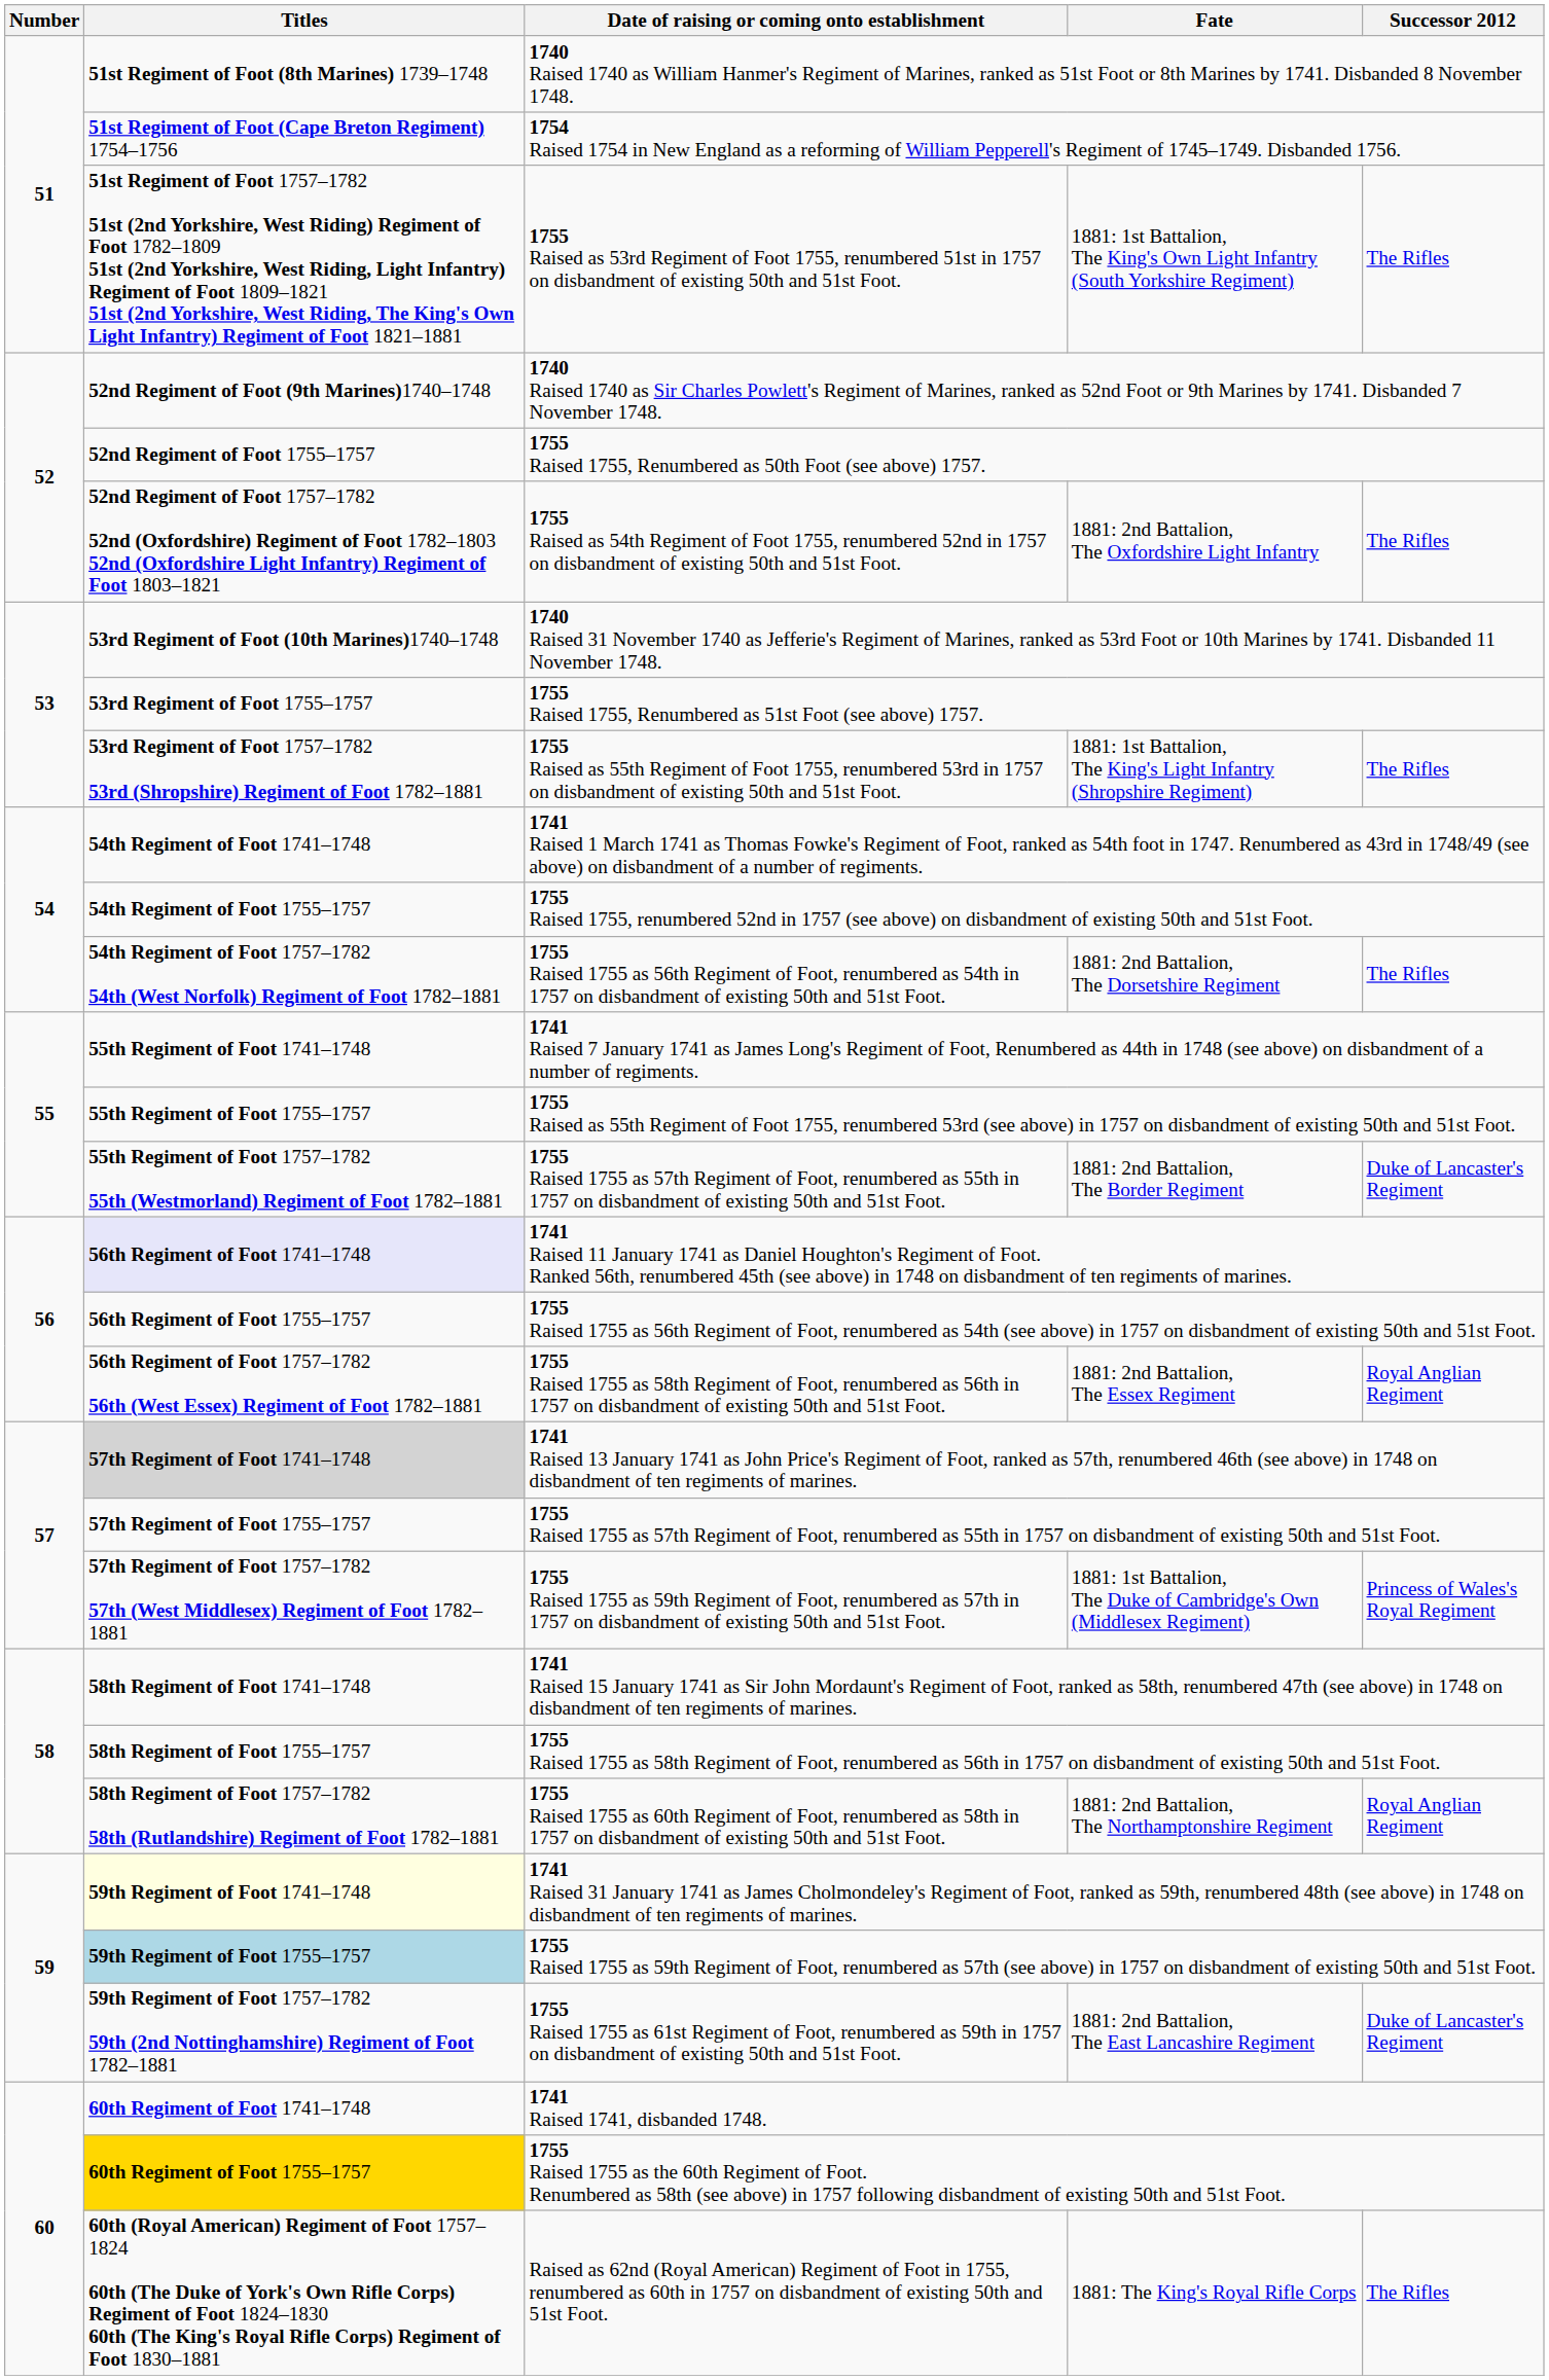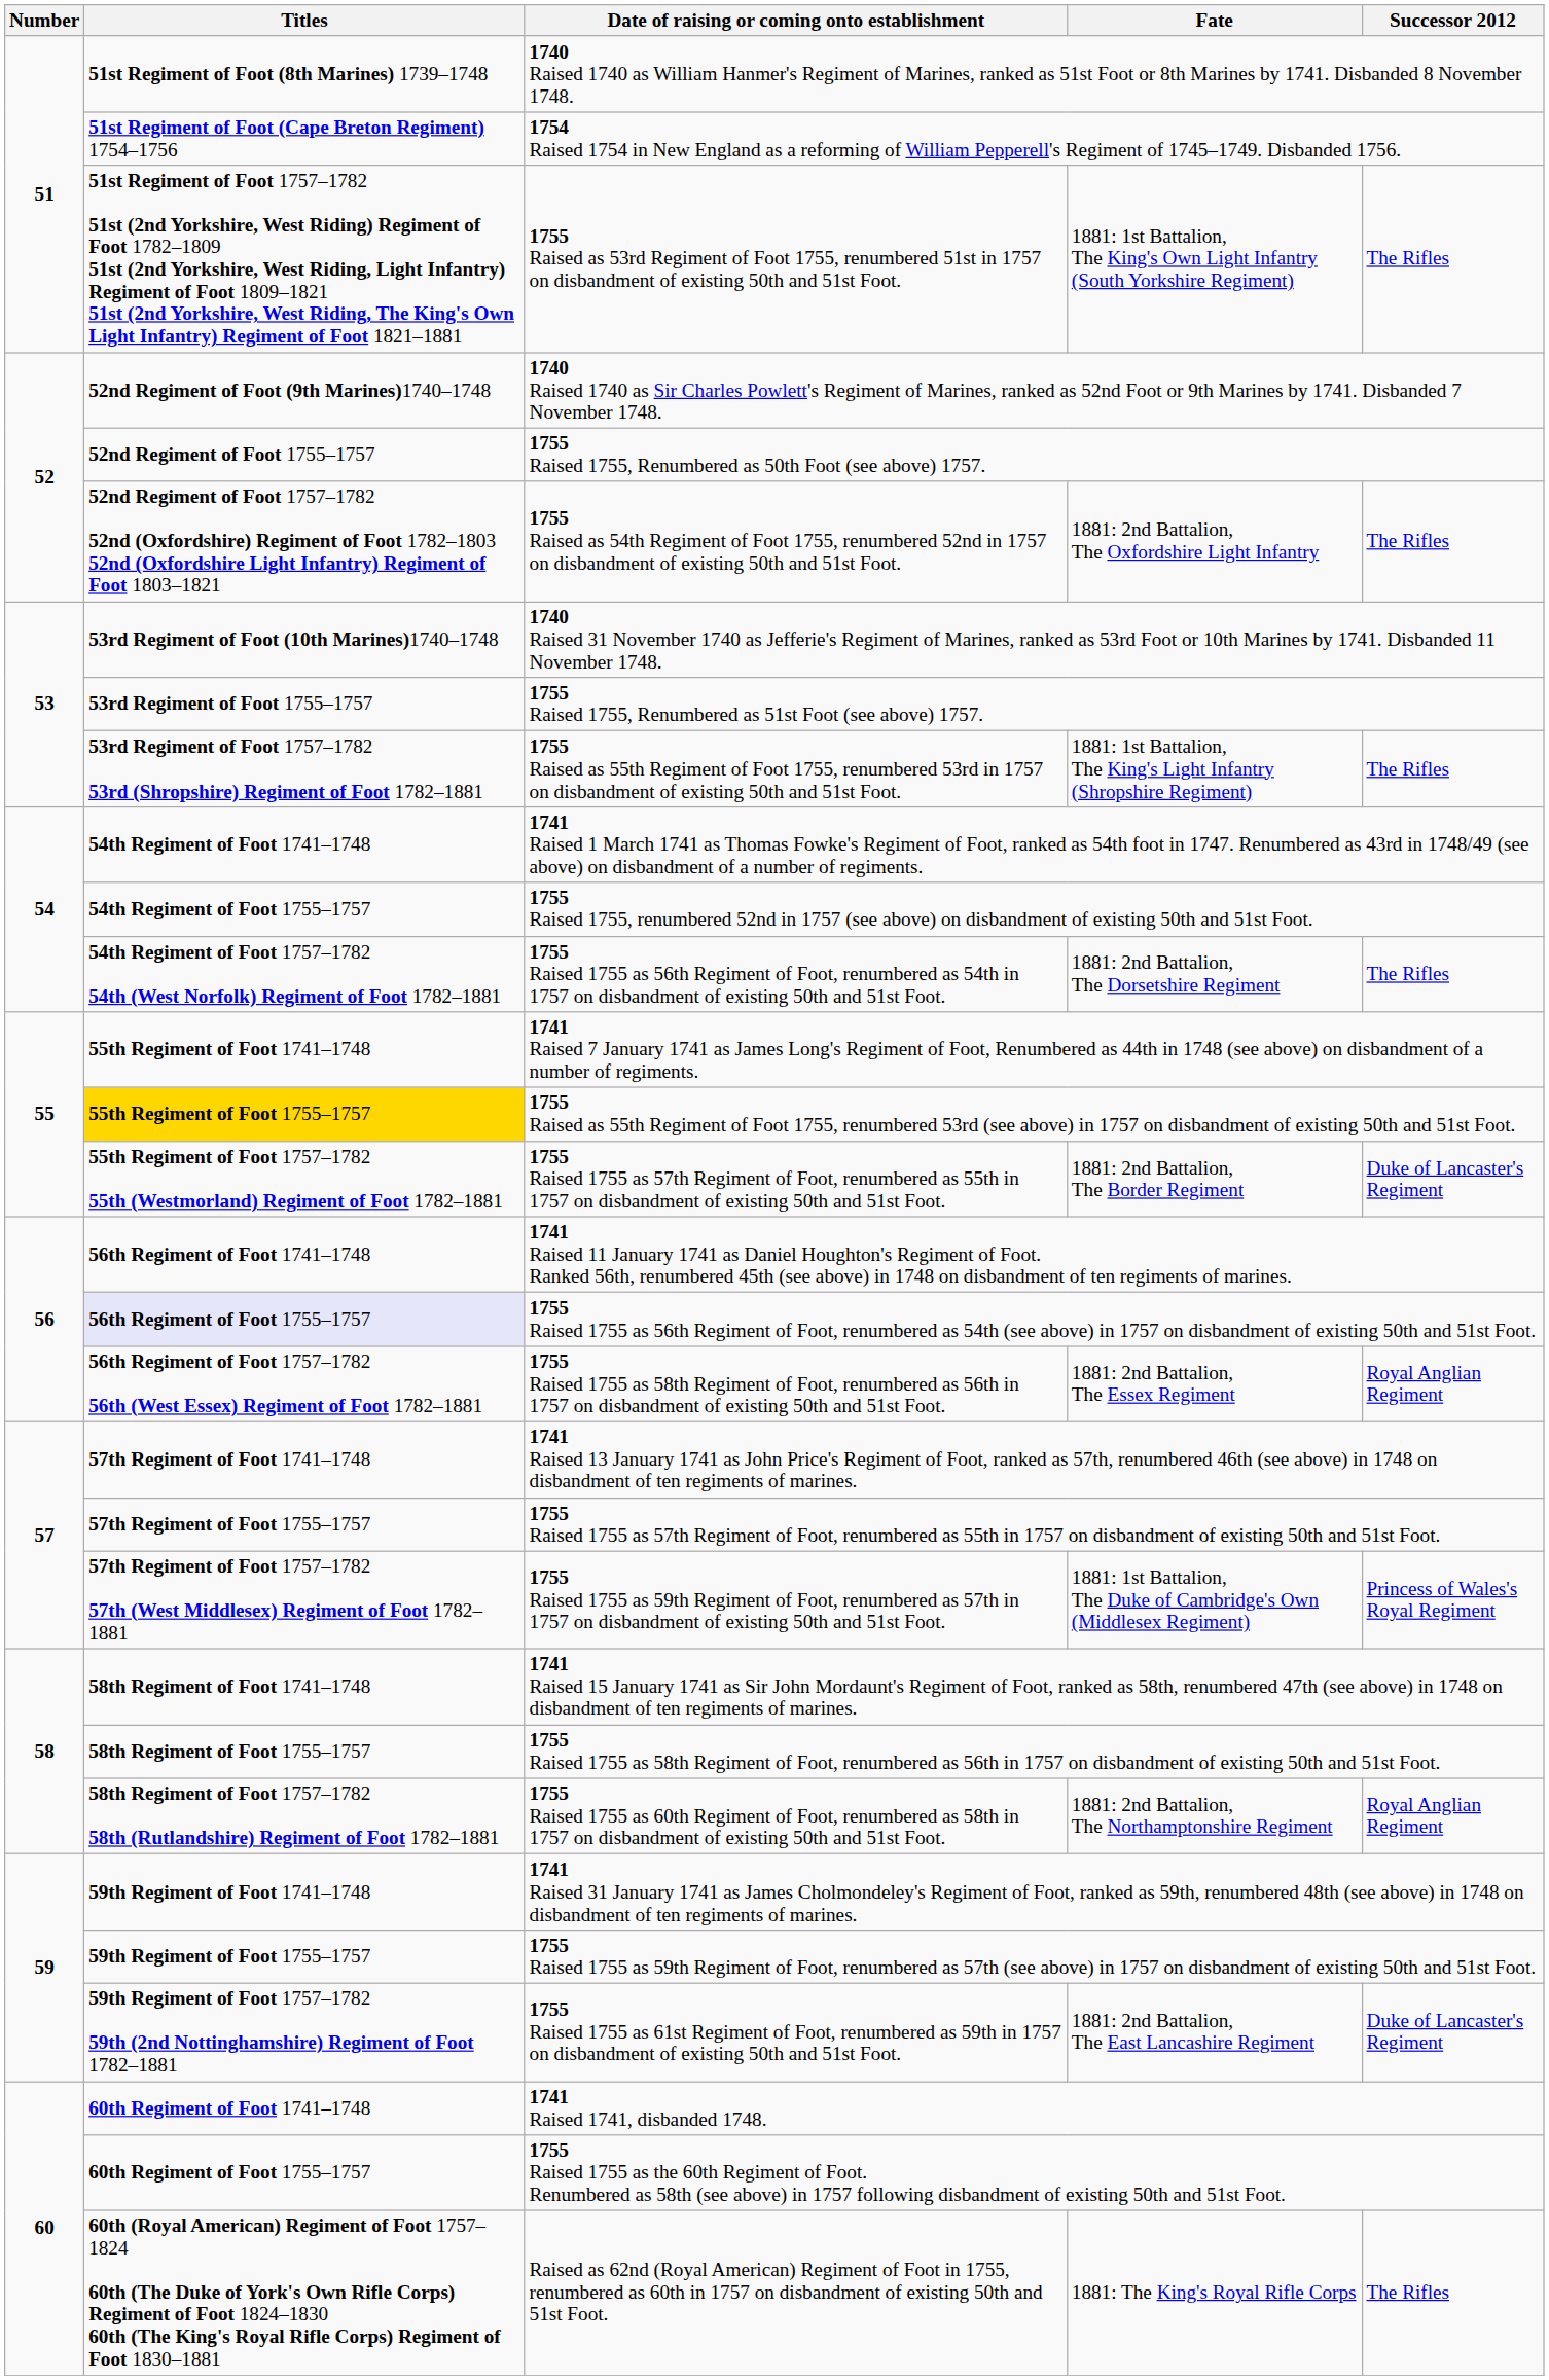 <table class="wikitable">
 <tr>
 <th>Number</th>
 <th>Titles</th>
 <th>Date of raising or coming onto establishment</th>
 <th>Fate</th>
 <th>Successor 2012</th>
 </tr>
 <tr>
 <td align=center valign=middle rowspan="3"><strong>51</strong></td>
 <td><strong>51st Regiment of Foot (8th Marines)</strong> 1739–1748</td>
 <td colspan="3"><strong>1740</strong><br>Raised 1740 as William Hanmer's Regiment of Marines, ranked as 51st Foot or 8th Marines by 1741. Disbanded 8 November 1748.</td>
 </tr>
 <tr>
 <td><strong><a href='#'>51st Regiment of Foot (Cape Breton Regiment)</a></strong> 1754–1756</td>
 <td colspan="3"><strong>1754</strong><br>Raised 1754 in New England as a reforming of <a href='#'>William Pepperell</a>'s Regiment of 1745–1749. Disbanded 1756.</td>
 </tr>
 <tr>
 <td><strong>51st Regiment of Foot</strong> 1757–1782<br><br><strong>51st (2nd Yorkshire, West Riding) Regiment of Foot</strong> 1782–1809<br> <strong>51st (2nd Yorkshire, West Riding, Light Infantry) Regiment of Foot</strong> 1809–1821<br> <strong><a href='#'>51st (2nd Yorkshire, West Riding, The King's Own Light Infantry) Regiment of Foot</a></strong> 1821–1881</td>
 <td><strong>1755</strong><br>Raised as 53rd Regiment of Foot 1755, renumbered 51st in 1757 on disbandment of existing 50th and 51st Foot.</td>
 <td>1881: 1st Battalion,<br>The <a href='#'>King's Own Light Infantry (South Yorkshire Regiment)</a></td>
 <td><a href='#'>The Rifles</a></td>
 </tr>
 <tr>
 <td align=center valign=middle rowspan="3"><strong>52</strong></td>
 <td><strong>52nd Regiment of Foot (9th Marines)</strong>1740–1748</td>
 <td colspan="3"><strong>1740</strong><br>Raised 1740 as  	<a href='#'>Sir Charles Powlett</a>'s Regiment of Marines, ranked as 52nd Foot or 9th Marines by 1741. Disbanded 7 November 1748.</td>
 </tr>
 <tr>
 <td><strong>52nd Regiment of Foot</strong> 1755–1757</td>
 <td colspan="3"><strong>1755</strong><br>Raised 1755, Renumbered as 50th Foot (see above) 1757.</td>
 </tr>
 <tr>
 <td><strong>52nd Regiment of Foot</strong> 1757–1782<br><br><strong>52nd (Oxfordshire) Regiment of Foot</strong> 1782–1803<br> <strong><a href='#'>52nd (Oxfordshire Light Infantry) Regiment of Foot</a></strong> 1803–1821</td>
 <td><strong>1755</strong><br>Raised as 54th Regiment of Foot 1755, renumbered 52nd in 1757 on disbandment of existing 50th and 51st Foot.</td>
 <td>1881: 2nd Battalion,<br>The <a href='#'>Oxfordshire Light Infantry</a></td>
 <td><a href='#'>The Rifles</a></td>
 </tr>
 <tr>
 <td align=center valign=middle rowspan="3"><strong>53</strong></td>
 <td><strong>53rd Regiment of Foot (10th Marines)</strong>1740–1748</td>
 <td colspan="3"><strong>1740</strong><br>Raised 31 November 1740 as Jefferie's Regiment of Marines, ranked as 53rd Foot or 10th Marines by 1741. Disbanded 11 November 1748.</td>
 </tr>
 <tr>
 <td><strong>53rd Regiment of Foot</strong> 1755–1757</td>
 <td colspan="3"><strong>1755</strong><br>Raised 1755, Renumbered as 51st Foot (see above) 1757.</td>
 </tr>
 <tr>
 <td><strong>53rd Regiment of Foot</strong> 1757–1782<br><br><strong><a href='#'>53rd (Shropshire) Regiment of Foot</a></strong> 1782–1881<br></td>
 <td><strong>1755</strong><br>Raised as 55th Regiment of Foot 1755, renumbered 53rd in 1757 on disbandment of existing 50th and 51st Foot.</td>
 <td>1881: 1st Battalion,<br>The <a href='#'>King's Light Infantry (Shropshire Regiment)</a></td>
 <td><a href='#'>The Rifles</a></td>
 </tr>
 <tr>
 <td align=center valign=middle rowspan="3"><strong>54</strong></td>
 <td><strong>54th Regiment of Foot</strong> 1741–1748</td>
 <td colspan="3"><strong>1741</strong><br>Raised 1 March 1741 as Thomas Fowke's Regiment of Foot, ranked as 54th foot in 1747. Renumbered as 43rd in 1748/49 (see above) on disbandment of a number of regiments.</td>
 </tr>
 <tr>
 <td><strong>54th Regiment of Foot</strong> 1755–1757</td>
 <td colspan="3"><strong>1755</strong><br>Raised 1755, renumbered 52nd in 1757 (see above) on disbandment of existing 50th and 51st Foot.</td>
 </tr>
 <tr>
 <td><strong>54th Regiment of Foot</strong> 1757–1782<br><br><strong><a href='#'>54th (West Norfolk) Regiment of Foot</a></strong> 1782–1881</td>
 <td><strong>1755</strong><br>Raised 1755 as 56th Regiment of Foot, renumbered as 54th in 1757 on disbandment of existing 50th and 51st Foot.</td>
 <td>1881: 2nd Battalion,<br>The <a href='#'>Dorsetshire Regiment</a></td>
 <td><a href='#'>The Rifles</a></td>
 </tr>
 <tr>
 <td align=center valign=middle rowspan="3"><strong>55</strong></td>
 <td><strong>55th Regiment of Foot </strong>1741–1748</td>
 <td colspan="3"><strong>1741</strong><br>Raised 7 January 1741 as James Long's Regiment of Foot, Renumbered as 44th in 1748 (see above) on disbandment of a number of regiments.</td>
 </tr>
 <tr>
-<td><strong>55th Regiment of Foot </strong>1755–1757</td>
+<td style="background: gold;"><strong>55th Regiment of Foot </strong>1755–1757</td>
 <td colspan="3"><strong>1755</strong><br>Raised as 55th Regiment of Foot 1755, renumbered 53rd (see above) in 1757 on disbandment of existing 50th and 51st Foot.</td>
 </tr>
 <tr>
 <td><strong>55th Regiment of Foot</strong> 1757–1782<br><br><strong><a href='#'>55th (Westmorland) Regiment of Foot</a></strong> 1782–1881</td>
 <td><strong>1755</strong><br>Raised 1755 as 57th Regiment of Foot, renumbered as 55th in 1757 on disbandment of existing 50th and 51st Foot.</td>
 <td>1881: 2nd Battalion,<br>The <a href='#'>Border Regiment</a></td>
 <td><a href='#'>Duke of Lancaster's Regiment</a></td>
 </tr>
 <tr>
 <td align=center valign=middle rowspan="3"><strong>56</strong></td>
-<td style="background: lavender;"><strong>56th Regiment of Foot</strong> 1741–1748</td>
+<td><strong>56th Regiment of Foot</strong> 1741–1748</td>
 <td colspan="3"><strong>1741</strong><br>Raised 11 January 1741 as Daniel Houghton's Regiment of Foot.<br> Ranked 56th, renumbered 45th (see above) in 1748 on disbandment of ten regiments of marines.</td>
 </tr>
 <tr>
-<td><strong>56th Regiment of Foot</strong> 1755–1757<br></td>
+<td style="background: lavender;"><strong>56th Regiment of Foot</strong> 1755–1757<br></td>
 <td colspan="3"><strong>1755</strong><br>Raised 1755 as 56th Regiment of Foot, renumbered as 54th (see above) in 1757 on disbandment of existing 50th and 51st Foot.</td>
 </tr>
 <tr>
 <td><strong>56th Regiment of Foot</strong> 1757–1782<br><br><strong><a href='#'>56th (West Essex) Regiment of Foot</a></strong> 1782–1881</td>
 <td><strong>1755</strong><br>Raised 1755 as 58th Regiment of Foot, renumbered as 56th in 1757 on disbandment of existing 50th and 51st Foot.</td>
 <td>1881: 2nd Battalion,<br>The <a href='#'>Essex Regiment</a></td>
 <td><a href='#'>Royal Anglian Regiment</a></td>
 </tr>
 <tr>
 <td align=center valign=middle rowspan="3"><strong>57</strong></td>
-<td style="background: lightgrey;"><strong>57th Regiment of Foot</strong> 1741–1748</td>
+<td><strong>57th Regiment of Foot</strong> 1741–1748</td>
 <td colspan="3"><strong>1741</strong><br>Raised 13 January 1741 as John Price's Regiment of Foot, ranked as 57th, renumbered 46th (see above) in 1748 on disbandment of ten regiments of marines.</td>
 </tr>
 <tr>
 <td><strong>57th Regiment of Foot</strong> 1755–1757<br></td>
 <td colspan="3"><strong>1755</strong><br>Raised 1755 as 57th Regiment of Foot, renumbered as 55th in 1757 on disbandment of existing 50th and 51st Foot.</td>
 </tr>
 <tr>
 <td><strong>57th Regiment of Foot</strong> 1757–1782<br><br><strong><a href='#'>57th (West Middlesex) Regiment of Foot</a></strong> 1782–1881</td>
 <td><strong>1755</strong><br>Raised 1755 as 59th Regiment of Foot, renumbered as 57th in 1757 on disbandment of existing 50th and 51st Foot.</td>
 <td>1881: 1st Battalion,<br>The <a href='#'>Duke of Cambridge's Own (Middlesex Regiment)</a></td>
 <td><a href='#'>Princess of Wales's Royal Regiment</a></td>
 </tr>
 <tr>
 <td align=center valign=middle rowspan="3"><strong>58</strong></td>
 <td><strong>58th Regiment of Foot</strong> 1741–1748</td>
 <td colspan="3"><strong>1741</strong><br>Raised 15 January 1741 as Sir John Mordaunt's Regiment of Foot, ranked as 58th, renumbered 47th (see above) in 1748 on disbandment of ten regiments of marines.</td>
 </tr>
 <tr>
 <td><strong>58th Regiment of Foot</strong> 1755–1757<br></td>
 <td colspan="3"><strong>1755</strong><br>Raised 1755 as 58th Regiment of Foot, renumbered as 56th in 1757 on disbandment of existing 50th and 51st Foot.</td>
 </tr>
 <tr>
 <td><strong>58th Regiment of Foot</strong> 1757–1782<br><br><strong><a href='#'>58th (Rutlandshire) Regiment of Foot</a></strong> 1782–1881</td>
 <td><strong>1755</strong><br>Raised 1755 as 60th Regiment of Foot, renumbered as 58th in 1757 on disbandment of existing 50th and 51st Foot.</td>
 <td>1881: 2nd Battalion,<br>The <a href='#'>Northamptonshire Regiment</a></td>
 <td><a href='#'>Royal Anglian Regiment</a></td>
 </tr>
 <tr>
 <td align=center valign=middle rowspan="3"><strong>59</strong></td>
-<td style="background: lightyellow;"><strong>59th Regiment of Foot</strong> 1741–1748</td>
+<td><strong>59th Regiment of Foot</strong> 1741–1748</td>
 <td colspan="3"><strong>1741</strong><br>Raised 31 January 1741 as James Cholmondeley's Regiment of Foot, ranked as 59th, renumbered 48th (see above) in 1748 on disbandment of ten regiments of marines.</td>
 </tr>
 <tr>
-<td style="background: lightblue;"><strong>59th Regiment of Foot</strong> 1755–1757<br></td>
+<td><strong>59th Regiment of Foot</strong> 1755–1757<br></td>
 <td colspan="3"><strong>1755</strong><br>Raised 1755 as 59th Regiment of Foot, renumbered as 57th (see above) in 1757 on disbandment of existing 50th and 51st Foot.</td>
 </tr>
 <tr>
 <td><strong>59th Regiment of Foot</strong> 1757–1782<br><br><strong><a href='#'>59th (2nd Nottinghamshire) Regiment of Foot</a></strong> 1782–1881</td>
 <td><strong>1755</strong><br>Raised 1755 as 61st Regiment of Foot, renumbered as 59th in 1757 on disbandment of existing 50th and 51st Foot.</td>
 <td>1881: 2nd Battalion,<br>The <a href='#'>East Lancashire Regiment</a></td>
 <td><a href='#'>Duke of Lancaster's Regiment</a></td>
 </tr>
 <tr>
 <td align=center valign=middle rowspan="3"><strong>60</strong></td>
 <td><strong><a href='#'>60th Regiment of Foot</a></strong> 1741–1748</td>
 <td colspan="3"><strong>1741</strong><br>Raised 1741, disbanded 1748.</td>
 </tr>
 <tr>
-<td style="background: gold;"><strong>60th Regiment of Foot </strong>1755–1757</td>
+<td><strong>60th Regiment of Foot </strong>1755–1757</td>
 <td colspan="3"><strong>1755</strong><br>Raised 1755 as the 60th Regiment of Foot.<br> Renumbered as 58th (see above) in 1757 following disbandment of existing 50th and 51st Foot.</td>
 </tr>
 <tr>
 <td><strong>60th (Royal American) Regiment of Foot</strong> 1757–1824<br><br><strong>60th (The Duke of York's Own Rifle Corps) Regiment of Foot</strong> 1824–1830<br> <strong>60th (The King's Royal Rifle Corps) Regiment of Foot</strong> 1830–1881</td>
 <td>Raised as 62nd (Royal American) Regiment of Foot in 1755, renumbered as 60th in 1757 on disbandment of existing 50th and 51st Foot.</td>
 <td>1881: The <a href='#'>King's Royal Rifle Corps</a></td>
 <td><a href='#'>The Rifles</a></td>
 </tr>
 </table>
